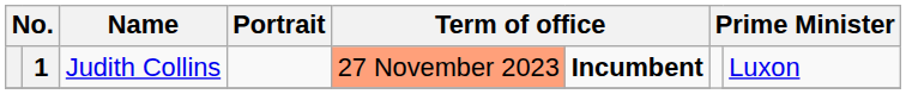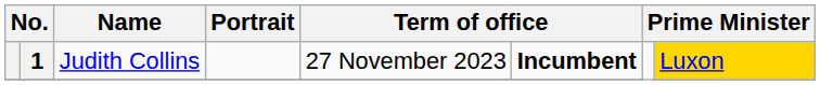 <table class="wikitable">
 <tr>
 <th colspan="2">No.</th>
 <th>Name</th>
 <th>Portrait</th>
 <th colspan="2">Term of office</th>
 <th colspan="2">Prime Minister</th>
 </tr>
 <tr>
 <th style="color:inherit;background:"></th>
 <th>1</th>
 <td><a href='#'>Judith Collins</a></td>
 <td></td>
-<td style="background: lightsalmon;">27 November 2023</td>
+<td>27 November 2023</td>
 <td><strong>Incumbent</strong></td>
 <td width=1 rowspan=3 style="color:inherit;background:"></td>
-<td><a href='#'>Luxon</a></td>
+<td style="background: gold;"><a href='#'>Luxon</a></td>
 </tr>
 <tr>
 </tr>
 </table>
